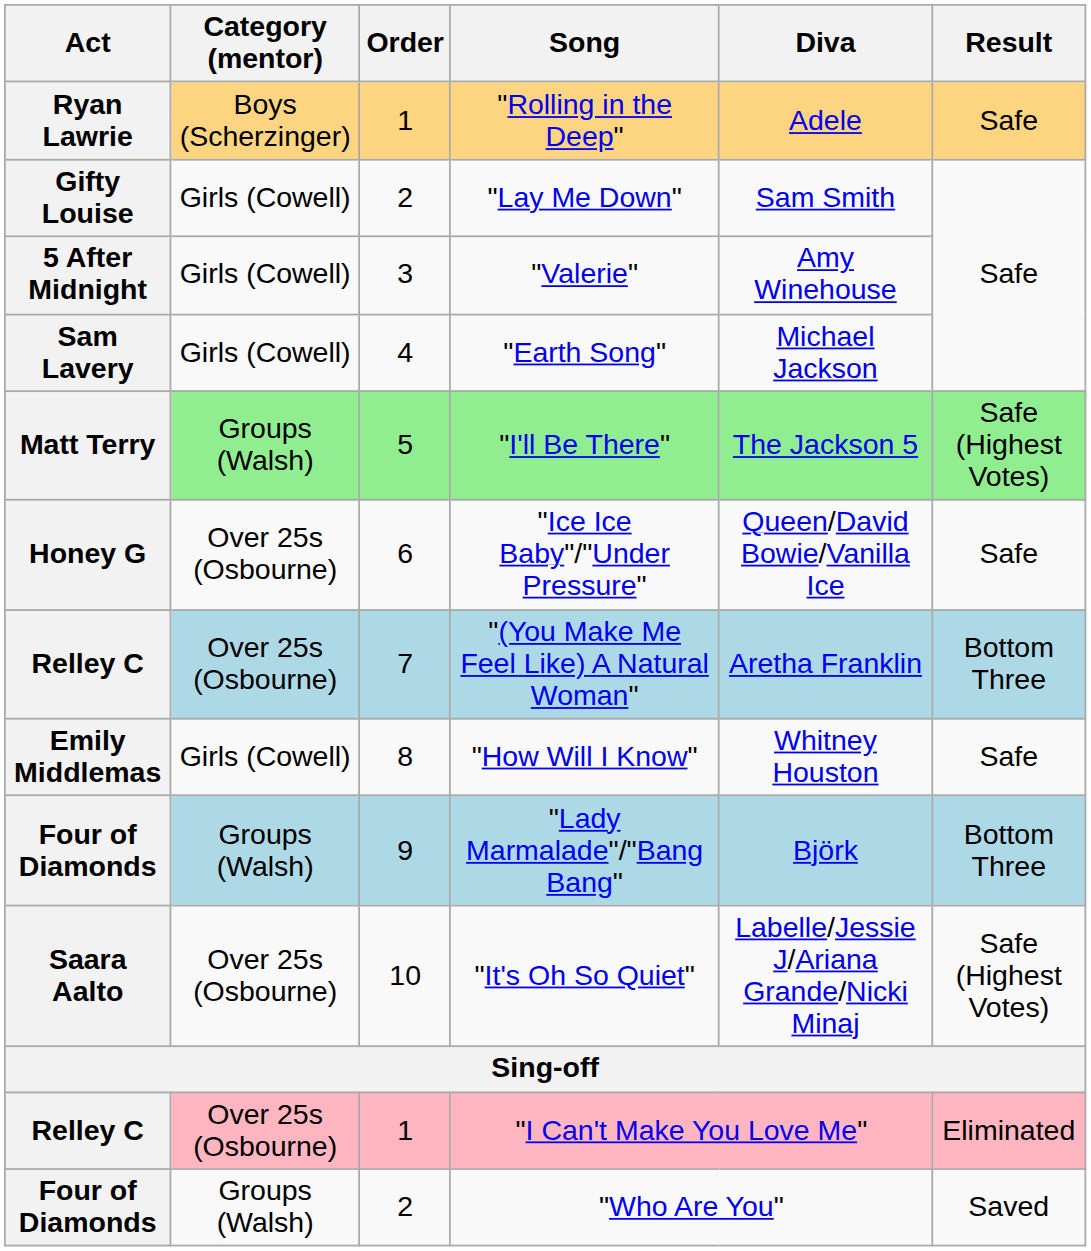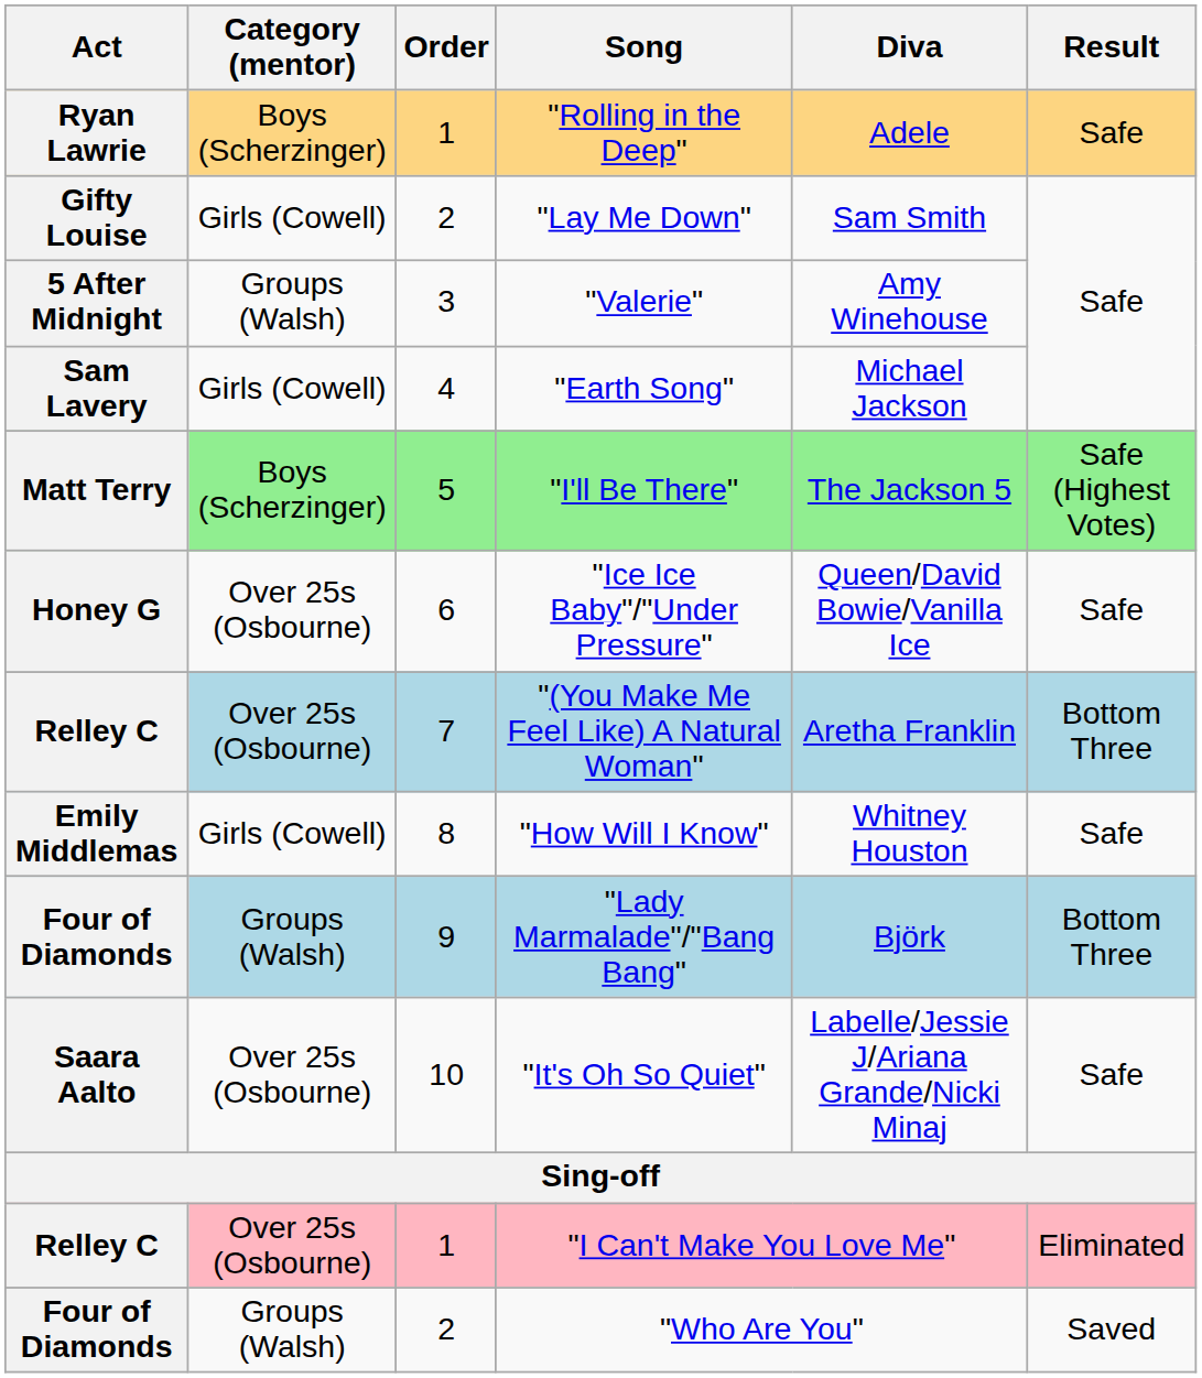 <table class="wikitable plainrowheaders" style="text-align:center;">
 <tr>
 <th scope="col">Act</th>
 <th scope="col">Category (mentor)</th>
 <th scope="col">Order</th>
 <th scope="col">Song</th>
 <th scope="col">Diva</th>
 <th scope="col">Result</th>
 </tr>
 <tr style="background:#fdd581;">
 <th scope="row">Ryan Lawrie</th>
 <td>Boys (Scherzinger)</td>
 <td>1</td>
 <td>"<a href='#'>Rolling in the Deep</a>"</td>
 <td><a href='#'>Adele</a></td>
 <td>Safe</td>
 </tr>
 <tr>
 <th scope="row">Gifty Louise</th>
 <td>Girls (Cowell)</td>
 <td>2</td>
 <td>"<a href='#'>Lay Me Down</a>"</td>
 <td><a href='#'>Sam Smith</a></td>
 <td rowspan=3>Safe</td>
 </tr>
 <tr>
 <th scope="row">5 After Midnight</th>
-<td>Girls (Cowell)</td>
+<td>Groups (Walsh)</td>
 <td>3</td>
 <td>"<a href='#'>Valerie</a>"</td>
 <td><a href='#'>Amy Winehouse</a></td>
 </tr>
 <tr>
 <th scope="row">Sam Lavery</th>
 <td>Girls (Cowell)</td>
 <td>4</td>
 <td>"<a href='#'>Earth Song</a>"</td>
 <td><a href='#'>Michael Jackson</a></td>
 </tr>
 <tr style="background:lightgreen;">
 <th scope="row">Matt Terry</th>
-<td>Groups (Walsh)</td>
+<td>Boys (Scherzinger)</td>
 <td>5</td>
 <td>"<a href='#'>I'll Be There</a>"</td>
 <td><a href='#'>The Jackson 5</a></td>
 <td>Safe (Highest Votes)</td>
 </tr>
 <tr>
 <th scope="row">Honey G</th>
 <td>Over 25s (Osbourne)</td>
 <td>6</td>
 <td>"<a href='#'>Ice Ice Baby</a>"/"<a href='#'>Under Pressure</a>"</td>
 <td><a href='#'>Queen</a>/<a href='#'>David Bowie</a>/<a href='#'>Vanilla Ice</a></td>
 <td>Safe</td>
 </tr>
 <tr style="background:lightblue;">
 <th scope="row">Relley C</th>
 <td>Over 25s (Osbourne)</td>
 <td>7</td>
 <td>"<a href='#'>(You Make Me Feel Like) A Natural Woman</a>"</td>
 <td><a href='#'>Aretha Franklin</a></td>
 <td>Bottom Three</td>
 </tr>
 <tr>
 <th scope="row">Emily Middlemas</th>
 <td>Girls (Cowell)</td>
 <td>8</td>
 <td>"<a href='#'>How Will I Know</a>"</td>
 <td><a href='#'>Whitney Houston</a></td>
 <td>Safe</td>
 </tr>
 <tr style="background:lightblue;">
 <th scope="row">Four of Diamonds</th>
 <td>Groups (Walsh)</td>
 <td>9</td>
 <td>"<a href='#'>Lady Marmalade</a>"/"<a href='#'>Bang Bang</a>"</td>
 <td><a href='#'>Björk</a></td>
 <td>Bottom Three</td>
 </tr>
 <tr>
 <th scope="row">Saara Aalto</th>
 <td>Over 25s (Osbourne)</td>
 <td>10</td>
 <td>"<a href='#'>It's Oh So Quiet</a>"</td>
 <td><a href='#'>Labelle</a>/<a href='#'>Jessie J</a>/<a href='#'>Ariana Grande</a>/<a href='#'>Nicki Minaj</a></td>
-<td>Safe (Highest Votes)</td>
+<td>Safe</td>
 </tr>
 <tr>
 <th colspan="6">Sing-off</th>
 </tr>
 <tr style="background:lightpink;">
 <th scope="row">Relley C</th>
 <td>Over 25s (Osbourne)</td>
 <td>1</td>
 <td colspan="2">"<a href='#'>I Can't Make You Love Me</a>"</td>
 <td>Eliminated</td>
 </tr>
 <tr>
 <th scope="row">Four of Diamonds</th>
 <td>Groups (Walsh)</td>
 <td>2</td>
 <td colspan="2">"<a href='#'>Who Are You</a>"</td>
 <td>Saved</td>
 </tr>
 </table>
